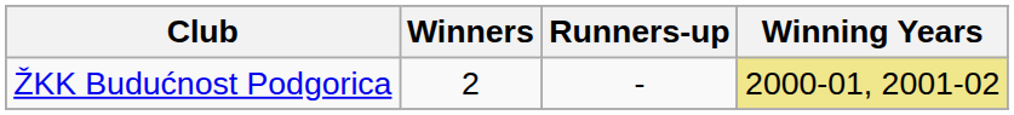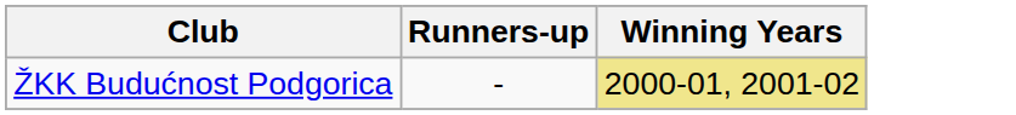 <table class="wikitable" style="font-size:90%">
 <tr>
 <th>Club</th>
-<th>Winners</th>
 <th>Runners-up</th>
 <th>Winning Years</th>
 </tr>
 <tr>
 <td><a href='#'>ŽKK Budućnost Podgorica</a></td>
-<td style="text-align:center;">2</td>
 <td style="text-align:center;">-</td>
 <td style="background: khaki;">2000-01, 2001-02</td>
 </tr>
 </table>
